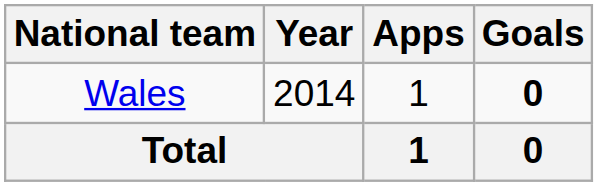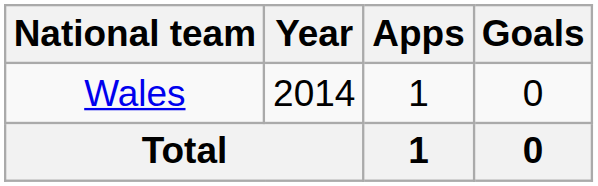 <table class="wikitable" style="text-align:center">
 <tr>
 <th>National team</th>
 <th>Year</th>
 <th>Apps</th>
 <th>Goals</th>
 </tr>
 <tr>
 <td><a href='#'>Wales</a></td>
 <td>2014</td>
 <td>1</td>
-<td><strong>0</strong></td>
+<td>0</td>
 </tr>
 <tr>
 <th colspan="2">Total</th>
 <th>1</th>
 <th>0</th>
 </tr>
 </table>
